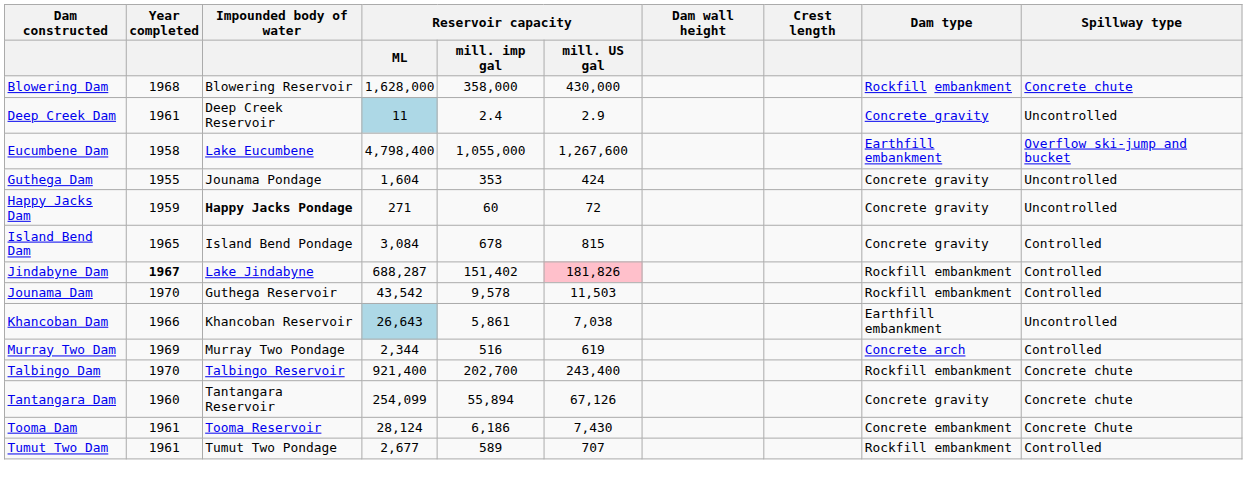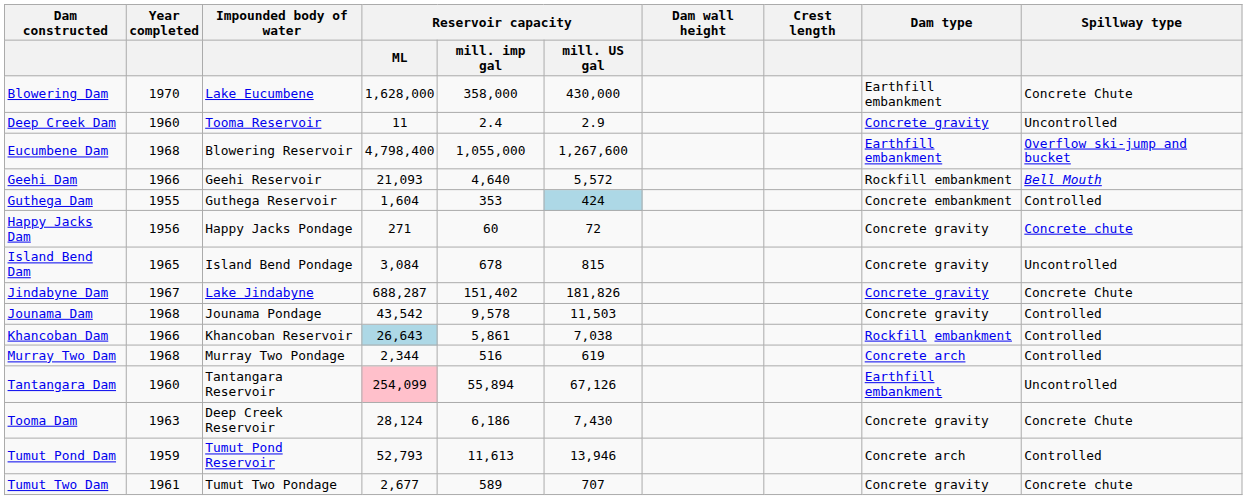 <table class="wikitable sortable">
 <tr>
 <th>Dam constructed</th>
 <th>Year<br> completed</th>
 <th>Impounded body of <br>water</th>
 <th colspan=3>Reservoir capacity</th>
 <th data-sort-type="number">Dam wall height</th>
 <th data-sort-type="number">Crest length</th>
 <th>Dam type</th>
 <th>Spillway type</th>
 </tr>
 <tr>
 <th></th>
 <th></th>
 <th></th>
 <th>ML</th>
 <th>mill. imp gal</th>
 <th>mill. US gal</th>
 <th></th>
 <th></th>
 <th></th>
 <th></th>
 </tr>
 <tr>
 <td><a href='#'>Blowering Dam</a></td>
-<td align="center">1968</td>
-<td>Blowering Reservoir</td>
+<td align="center">1970</td>
+<td><a href='#'>Lake Eucumbene</a></td>
 <td align="center">1,628,000</td>
 <td align="center">358,000</td>
 <td align="center">430,000</td>
 <td align="right"></td>
 <td align="right"></td>
-<td><a href='#'>Rockfill</a> <a href='#'>embankment</a></td>
-<td><a href='#'>Concrete chute</a></td>
+<td>Earthfill embankment</td>
+<td>Concrete Chute</td>
 </tr>
 <tr>
 <td><a href='#'>Deep Creek Dam</a></td>
-<td align="center">1961</td>
-<td>Deep Creek Reservoir</td>
-<td align="center" style="background: lightblue;">11</td>
+<td align="center">1960</td>
+<td><a href='#'>Tooma Reservoir</a></td>
+<td align="center">11</td>
 <td align="center">2.4</td>
 <td align="center">2.9</td>
 <td align="right"></td>
 <td align="right"></td>
 <td><a href='#'>Concrete gravity</a></td>
 <td>Uncontrolled</td>
 </tr>
 <tr>
 <td><a href='#'>Eucumbene Dam</a></td>
-<td align="center">1958</td>
-<td><a href='#'>Lake Eucumbene</a></td>
+<td align="center">1968</td>
+<td>Blowering Reservoir</td>
 <td align="center">4,798,400</td>
 <td align="center">1,055,000</td>
 <td align="center">1,267,600</td>
 <td align="right"></td>
 <td align="right"></td>
 <td><a href='#'>Earthfill</a> <a href='#'>embankment</a></td>
 <td><a href='#'>Overflow ski-jump and bucket</a></td>
 </tr>
 <tr>
+<td><a href='#'>Geehi Dam</a></td>
+<td align="center">1966</td>
+<td>Geehi Reservoir</td>
+<td align="center">21,093</td>
+<td align="center">4,640</td>
+<td align="center">5,572</td>
+<td align="right"></td>
+<td align="right"></td>
+<td>Rockfill embankment</td>
+<td><em><a href='#'>Bell Mouth</a></em></td>
+</tr>
+<tr>
 <td><a href='#'>Guthega Dam</a></td>
 <td align="center">1955</td>
-<td>Jounama Pondage</td>
+<td>Guthega Reservoir</td>
 <td align="center">1,604</td>
 <td align="center">353</td>
-<td align="center">424</td>
+<td align="center" style="background: lightblue;">424</td>
 <td align="right"></td>
 <td align="right"></td>
-<td>Concrete gravity</td>
-<td>Uncontrolled</td>
+<td>Concrete embankment</td>
+<td>Controlled</td>
 </tr>
 <tr>
 <td><a href='#'>Happy Jacks Dam</a></td>
-<td align="center">1959</td>
-<td><strong>Happy Jacks Pondage</strong></td>
+<td align="center">1956</td>
+<td>Happy Jacks Pondage</td>
 <td align="center">271</td>
 <td align="center">60</td>
 <td align="center">72</td>
 <td align="right"></td>
 <td align="right"></td>
 <td>Concrete gravity</td>
-<td>Uncontrolled</td>
+<td><a href='#'>Concrete chute</a></td>
 </tr>
 <tr>
 <td><a href='#'>Island Bend Dam</a></td>
 <td align="center">1965</td>
 <td>Island Bend Pondage</td>
 <td align="center">3,084</td>
 <td align="center">678</td>
 <td align="center">815</td>
 <td align="right"></td>
 <td align="right"></td>
 <td>Concrete gravity</td>
-<td>Controlled</td>
+<td>Uncontrolled</td>
 </tr>
 <tr>
 <td><a href='#'>Jindabyne Dam</a></td>
-<td align="center"><strong>1967</strong></td>
+<td align="center">1967</td>
 <td><a href='#'>Lake Jindabyne</a></td>
 <td align="center">688,287</td>
 <td align="center">151,402</td>
-<td align="center" style="background: pink;">181,826</td>
+<td align="center">181,826</td>
 <td align="right"></td>
 <td align="right"></td>
-<td>Rockfill embankment</td>
-<td>Controlled</td>
+<td><a href='#'>Concrete gravity</a></td>
+<td>Concrete Chute</td>
 </tr>
 <tr>
 <td><a href='#'>Jounama Dam</a></td>
-<td align="center">1970</td>
-<td>Guthega Reservoir</td>
+<td align="center">1968</td>
+<td>Jounama Pondage</td>
 <td align="center">43,542</td>
 <td align="center">9,578</td>
 <td align="center">11,503</td>
 <td align="right"></td>
 <td align="right"></td>
-<td>Rockfill embankment</td>
+<td>Concrete gravity</td>
 <td>Controlled</td>
 </tr>
 <tr>
 <td><a href='#'>Khancoban Dam</a></td>
 <td align="center">1966</td>
 <td>Khancoban Reservoir</td>
 <td align="center" style="background: lightblue;">26,643</td>
 <td align="center">5,861</td>
 <td align="center">7,038</td>
 <td align="right"></td>
 <td align="right"></td>
-<td>Earthfill embankment</td>
-<td>Uncontrolled</td>
+<td><a href='#'>Rockfill</a> <a href='#'>embankment</a></td>
+<td>Controlled</td>
 </tr>
 <tr>
 <td><a href='#'>Murray Two Dam</a></td>
-<td align="center">1969</td>
+<td align="center">1968</td>
 <td>Murray Two Pondage</td>
 <td align="center">2,344</td>
 <td align="center">516</td>
 <td align="center">619</td>
 <td align="right"></td>
 <td align="right"></td>
 <td><a href='#'>Concrete arch</a></td>
 <td>Controlled</td>
 </tr>
 <tr>
-<td><a href='#'>Talbingo Dam</a></td>
-<td align="center">1970</td>
-<td><a href='#'>Talbingo Reservoir</a></td>
-<td align="center">921,400</td>
-<td align="center">202,700</td>
-<td align="center">243,400</td>
-<td align="right"></td>
-<td align="right"></td>
-<td>Rockfill embankment</td>
-<td>Concrete chute</td>
-</tr>
-<tr>
 <td><a href='#'>Tantangara Dam</a></td>
 <td align="center">1960</td>
 <td>Tantangara Reservoir</td>
-<td align="center">254,099</td>
+<td align="center" style="background: pink;">254,099</td>
 <td align="center">55,894</td>
 <td align="center">67,126</td>
 <td align="right"></td>
 <td align="right"></td>
-<td>Concrete gravity</td>
-<td>Concrete chute</td>
+<td><a href='#'>Earthfill</a> <a href='#'>embankment</a></td>
+<td>Uncontrolled</td>
 </tr>
 <tr>
 <td><a href='#'>Tooma Dam</a></td>
-<td align="center">1961</td>
-<td><a href='#'>Tooma Reservoir</a></td>
+<td align="center">1963</td>
+<td>Deep Creek Reservoir</td>
 <td align="center">28,124</td>
 <td align="center">6,186</td>
 <td align="center">7,430</td>
 <td align="right"></td>
 <td align="right"></td>
-<td>Concrete embankment</td>
+<td>Concrete gravity</td>
 <td>Concrete Chute</td>
+</tr>
+<tr>
+<td><a href='#'>Tumut Pond Dam</a></td>
+<td align="center">1959</td>
+<td><a href='#'>Tumut Pond Reservoir</a></td>
+<td align="center">52,793</td>
+<td align="center">11,613</td>
+<td align="center">13,946</td>
+<td align="right"></td>
+<td align="right"></td>
+<td>Concrete arch</td>
+<td>Controlled</td>
 </tr>
 <tr>
 <td><a href='#'>Tumut Two Dam</a></td>
 <td align="center">1961</td>
 <td>Tumut Two Pondage</td>
 <td align="center">2,677</td>
 <td align="center">589</td>
 <td align="center">707</td>
 <td align="right"></td>
 <td align="right"></td>
-<td>Rockfill embankment</td>
-<td>Controlled</td>
+<td>Concrete gravity</td>
+<td>Concrete chute</td>
 </tr>
 </table>
